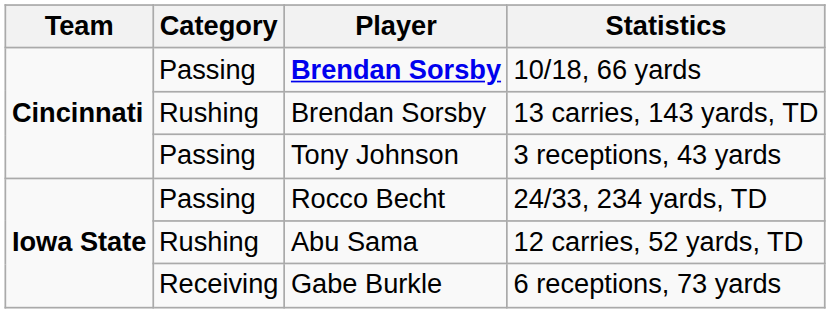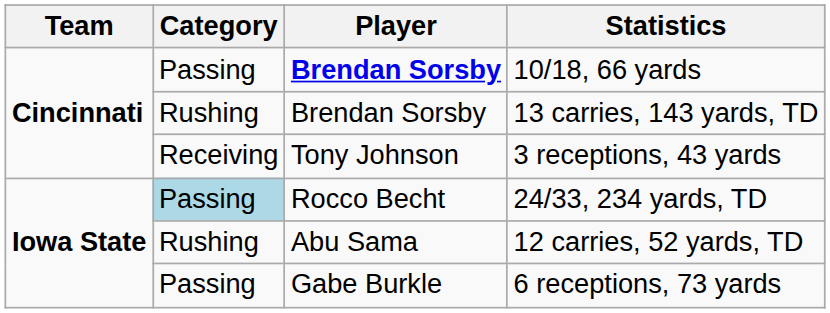 <table class="wikitable" style="float: right;">
 <tr>
 <th>Team</th>
 <th>Category</th>
 <th>Player</th>
 <th>Statistics</th>
 </tr>
 <tr>
 <td rowspan=3><strong>Cincinnati</strong></td>
 <td>Passing</td>
 <td><strong><a href='#'>Brendan Sorsby</a></strong></td>
 <td>10/18, 66 yards</td>
 </tr>
 <tr>
 <td>Rushing</td>
 <td>Brendan Sorsby</td>
 <td>13 carries, 143 yards, TD</td>
 </tr>
 <tr>
-<td>Passing</td>
+<td>Receiving</td>
 <td>Tony Johnson</td>
 <td>3 receptions, 43 yards</td>
 </tr>
 <tr>
 <td rowspan=3><strong>Iowa State</strong></td>
-<td>Passing</td>
+<td style="background: lightblue;">Passing</td>
 <td>Rocco Becht</td>
 <td>24/33, 234 yards, TD</td>
 </tr>
 <tr>
 <td>Rushing</td>
 <td>Abu Sama</td>
 <td>12 carries, 52 yards, TD</td>
 </tr>
 <tr>
-<td>Receiving</td>
+<td>Passing</td>
 <td>Gabe Burkle</td>
 <td>6 receptions, 73 yards</td>
 </tr>
 </table>
